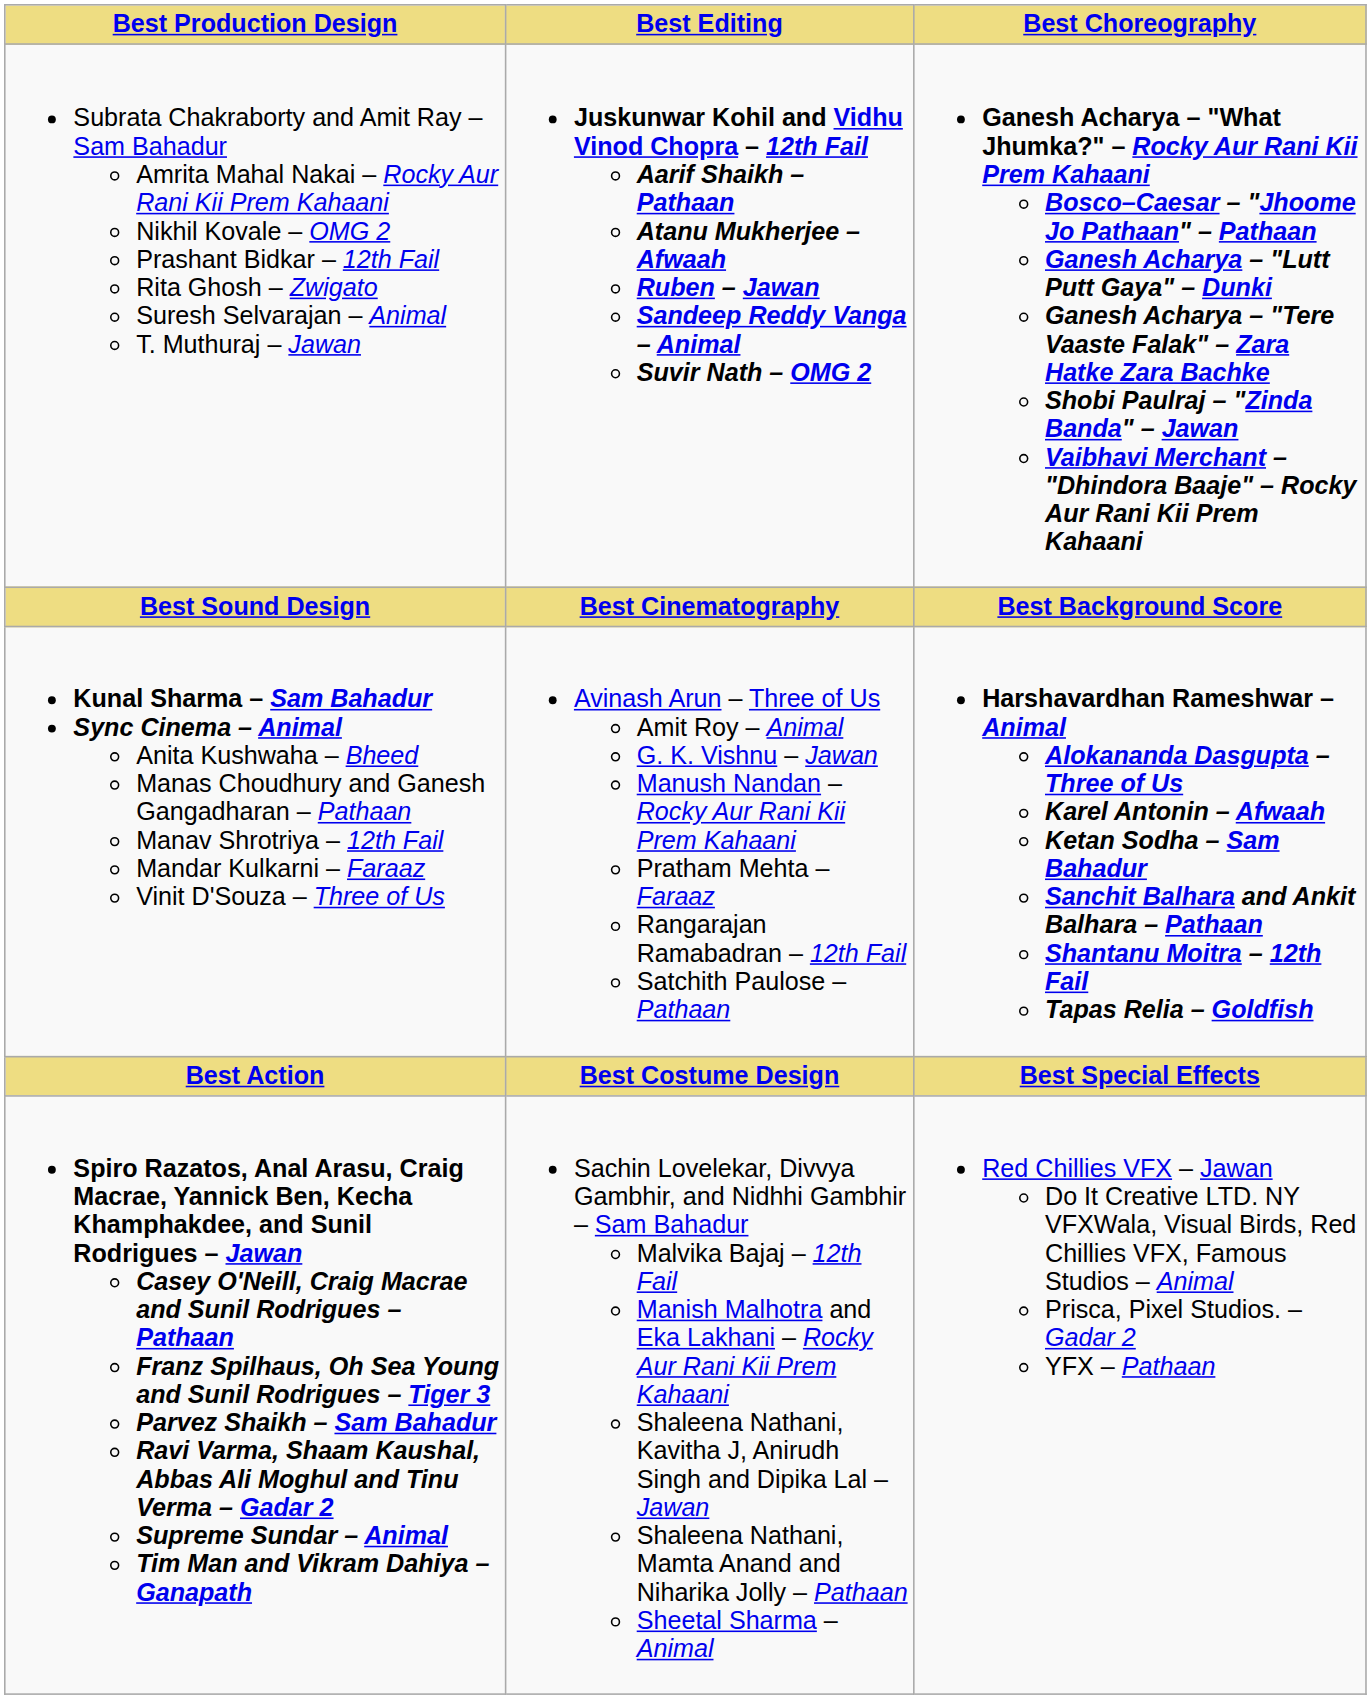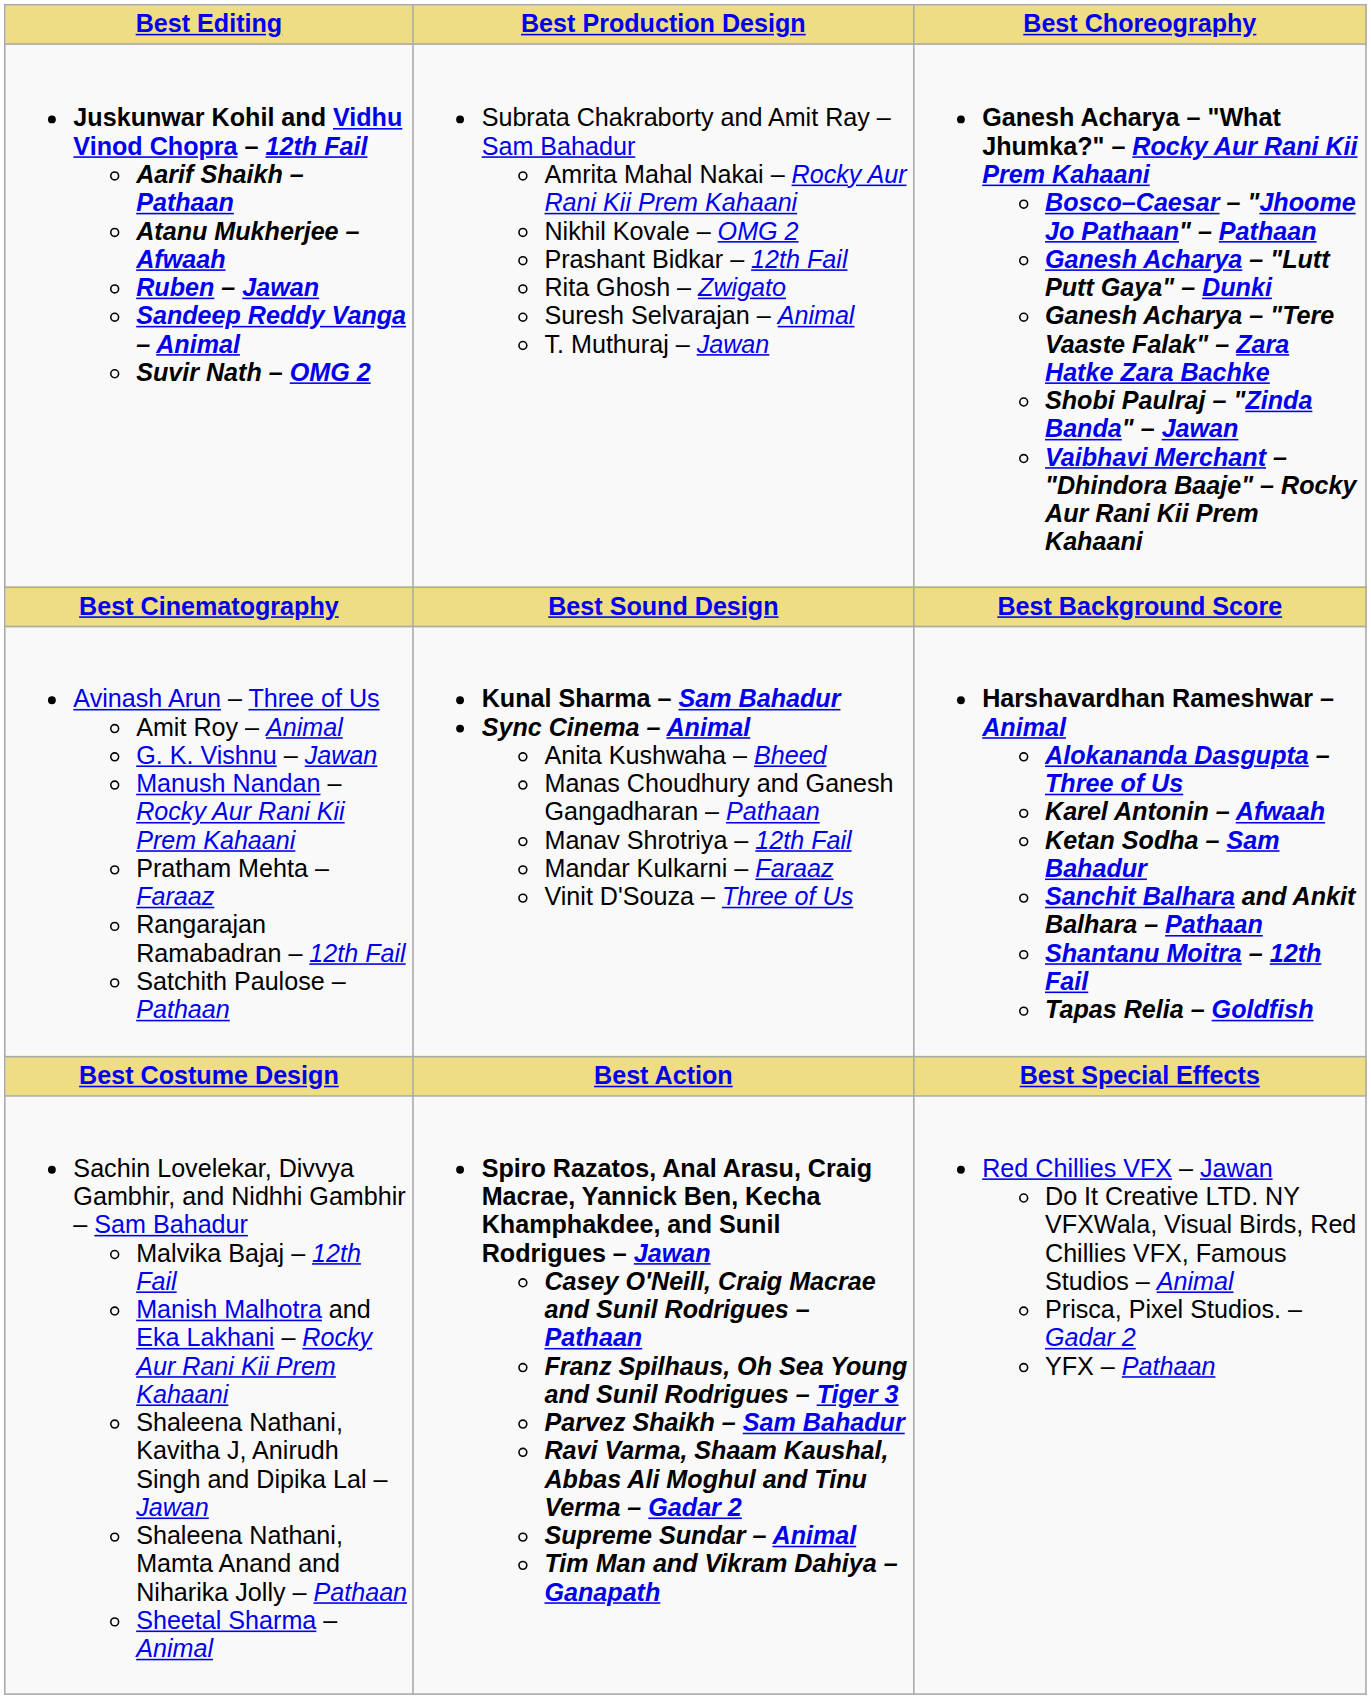 <table class="wikitable">
 <tr>
+<th style="background:#EEDD82;"><a href='#'>Best Editing</a></th>
 <th style="background:#EEDD82;"><a href='#'>Best Production Design</a></th>
-<th style="background:#EEDD82;"><a href='#'>Best Editing</a></th>
 <th style="background:#EEDD82;"><a href='#'>Best Choreography</a></th>
 </tr>
 <tr>
+<td style="vertical-align:top"><br><ul><li><strong>Juskunwar Kohil and <a href='#'>Vidhu Vinod Chopra</a> – <em><a href='#'>12th Fail</a><strong><em><ul><li>Aarif Shaikh – </em><a href='#'>Pathaan</a><em></li><li>Atanu Mukherjee – </em><a href='#'>Afwaah</a><em></li><li><a href='#'>Ruben</a> – </em><a href='#'>Jawan</a><em></li><li><a href='#'>Sandeep Reddy Vanga</a> – </em><a href='#'>Animal</a><em></li><li>Suvir Nath – </em><a href='#'>OMG 2</a><em></li></ul></li></ul></td>
 <td style="vertical-align:top"><br><ul><li></strong>Subrata Chakraborty and Amit Ray – </em><a href='#'>Sam Bahadur</a></em></strong><ul><li>Amrita Mahal Nakai – <em><a href='#'>Rocky Aur Rani Kii Prem Kahaani</a></em></li><li>Nikhil Kovale – <em><a href='#'>OMG 2</a></em></li><li>Prashant Bidkar – <em><a href='#'>12th Fail</a></em></li><li>Rita Ghosh – <em><a href='#'>Zwigato</a></em></li><li>Suresh Selvarajan – <em><a href='#'>Animal</a></em></li><li>T. Muthuraj – <em><a href='#'>Jawan</a></em></li></ul></li></ul></td>
-<td style="vertical-align:top"><br><ul><li><strong>Juskunwar Kohil and <a href='#'>Vidhu Vinod Chopra</a> – <em><a href='#'>12th Fail</a><strong><em><ul><li>Aarif Shaikh – </em><a href='#'>Pathaan</a><em></li><li>Atanu Mukherjee – </em><a href='#'>Afwaah</a><em></li><li><a href='#'>Ruben</a> – </em><a href='#'>Jawan</a><em></li><li><a href='#'>Sandeep Reddy Vanga</a> – </em><a href='#'>Animal</a><em></li><li>Suvir Nath – </em><a href='#'>OMG 2</a><em></li></ul></li></ul></td>
 <td style="vertical-align:top"><br><ul><li><strong>Ganesh Acharya – "What Jhumka?" – <em><a href='#'>Rocky Aur Rani Kii Prem Kahaani</a><strong><em><ul><li><a href='#'>Bosco–Caesar</a> – "<a href='#'>Jhoome Jo Pathaan</a>" – </em><a href='#'>Pathaan</a><em></li><li><a href='#'>Ganesh Acharya</a> – "Lutt Putt Gaya" – </em><a href='#'>Dunki</a><em></li><li>Ganesh Acharya – "Tere Vaaste Falak" – </em><a href='#'>Zara Hatke Zara Bachke</a><em></li><li>Shobi Paulraj – "<a href='#'>Zinda Banda</a>" – </em><a href='#'>Jawan</a><em></li><li><a href='#'>Vaibhavi Merchant</a> – "Dhindora Baaje" – </em>Rocky Aur Rani Kii Prem Kahaani<em></li></ul></li></ul></td>
 </tr>
 <tr>
+<th style="background:#EEDD82;"><a href='#'>Best Cinematography</a></th>
 <th style="background:#EEDD82;"><a href='#'>Best Sound Design</a></th>
-<th style="background:#EEDD82;"><a href='#'>Best Cinematography</a></th>
 <th style="background:#EEDD82;"><a href='#'>Best Background Score</a></th>
 </tr>
 <tr>
+<td style="vertical-align:top"><br><ul><li></strong><a href='#'>Avinash Arun</a> – </em><a href='#'>Three of Us</a></em></strong><ul><li>Amit Roy – <em><a href='#'>Animal</a></em></li><li><a href='#'>G. K. Vishnu</a> – <em><a href='#'>Jawan</a></em></li><li><a href='#'>Manush Nandan</a> – <em><a href='#'>Rocky Aur Rani Kii Prem Kahaani</a></em></li><li>Pratham Mehta – <em><a href='#'>Faraaz</a></em></li><li>Rangarajan Ramabadran – <em><a href='#'>12th Fail</a></em></li><li>Satchith Paulose – <em><a href='#'>Pathaan</a></em></li></ul></li></ul></td>
 <td style="vertical-align:top"><br><ul><li><strong>Kunal Sharma – <em><a href='#'>Sam Bahadur</a><strong><em></li><li></strong>Sync Cinema  – </em><a href='#'>Animal</a></em></strong><ul><li>Anita Kushwaha – <em><a href='#'>Bheed</a></em></li><li>Manas Choudhury and Ganesh Gangadharan – <em><a href='#'>Pathaan</a></em></li><li>Manav Shrotriya – <em><a href='#'>12th Fail</a></em></li><li>Mandar Kulkarni – <em><a href='#'>Faraaz</a></em></li><li>Vinit D'Souza – <em><a href='#'>Three of Us</a></em></li></ul></li></ul></td>
-<td style="vertical-align:top"><br><ul><li></strong><a href='#'>Avinash Arun</a> – </em><a href='#'>Three of Us</a></em></strong><ul><li>Amit Roy – <em><a href='#'>Animal</a></em></li><li><a href='#'>G. K. Vishnu</a> – <em><a href='#'>Jawan</a></em></li><li><a href='#'>Manush Nandan</a> – <em><a href='#'>Rocky Aur Rani Kii Prem Kahaani</a></em></li><li>Pratham Mehta – <em><a href='#'>Faraaz</a></em></li><li>Rangarajan Ramabadran – <em><a href='#'>12th Fail</a></em></li><li>Satchith Paulose – <em><a href='#'>Pathaan</a></em></li></ul></li></ul></td>
 <td style="vertical-align:top"><br><ul><li><strong>Harshavardhan Rameshwar – <em><a href='#'>Animal</a><strong><em><ul><li><a href='#'>Alokananda Dasgupta</a> – </em><a href='#'>Three of Us</a><em></li><li>Karel Antonin – </em><a href='#'>Afwaah</a><em></li><li>Ketan Sodha – </em><a href='#'>Sam Bahadur</a><em></li><li><a href='#'>Sanchit Balhara</a> and Ankit Balhara – </em><a href='#'>Pathaan</a><em></li><li><a href='#'>Shantanu Moitra</a> – </em><a href='#'>12th Fail</a><em></li><li>Tapas Relia – </em><a href='#'>Goldfish</a><em></li></ul></li></ul></td>
 </tr>
 <tr>
+<th style="background:#EEDD82;"><a href='#'>Best Costume Design</a></th>
 <th style="background:#EEDD82;"><a href='#'>Best Action</a></th>
-<th style="background:#EEDD82;"><a href='#'>Best Costume Design</a></th>
 <th style="background:#EEDD82;"><a href='#'>Best Special Effects</a></th>
 </tr>
 <tr>
+<td style="vertical-align:top"><br><ul><li></strong>Sachin Lovelekar, Divvya Gambhir, and Nidhhi Gambhir – </em><a href='#'>Sam Bahadur</a></em></strong><ul><li>Malvika Bajaj – <em><a href='#'>12th Fail</a></em></li><li><a href='#'>Manish Malhotra</a> and <a href='#'>Eka Lakhani</a> – <em><a href='#'>Rocky Aur Rani Kii Prem Kahaani</a></em></li><li>Shaleena Nathani, Kavitha J, Anirudh Singh and Dipika Lal – <em><a href='#'>Jawan</a></em></li><li>Shaleena Nathani, Mamta Anand and Niharika Jolly – <em><a href='#'>Pathaan</a></em></li><li><a href='#'>Sheetal Sharma</a> – <em><a href='#'>Animal</a></em></li></ul></li></ul></td>
 <td style="vertical-align:top"><br><ul><li><strong>Spiro Razatos, Anal Arasu, Craig Macrae, Yannick Ben, Kecha Khamphakdee, and Sunil Rodrigues  – <em><a href='#'>Jawan</a><strong><em><ul><li>Casey O'Neill, Craig Macrae and Sunil Rodrigues – </em><a href='#'>Pathaan</a><em></li><li>Franz Spilhaus, Oh Sea Young and Sunil Rodrigues – </em><a href='#'>Tiger 3</a><em></li><li>Parvez Shaikh – </em><a href='#'>Sam Bahadur</a><em></li><li>Ravi Varma, Shaam Kaushal, Abbas Ali Moghul and Tinu Verma  – </em><a href='#'>Gadar 2</a><em></li><li>Supreme Sundar – </em><a href='#'>Animal</a><em></li><li>Tim Man and Vikram Dahiya – </em><a href='#'>Ganapath</a><em></li></ul></li></ul></td>
-<td style="vertical-align:top"><br><ul><li></strong>Sachin Lovelekar, Divvya Gambhir, and Nidhhi Gambhir – </em><a href='#'>Sam Bahadur</a></em></strong><ul><li>Malvika Bajaj – <em><a href='#'>12th Fail</a></em></li><li><a href='#'>Manish Malhotra</a> and <a href='#'>Eka Lakhani</a> – <em><a href='#'>Rocky Aur Rani Kii Prem Kahaani</a></em></li><li>Shaleena Nathani, Kavitha J, Anirudh Singh and Dipika Lal – <em><a href='#'>Jawan</a></em></li><li>Shaleena Nathani, Mamta Anand and Niharika Jolly – <em><a href='#'>Pathaan</a></em></li><li><a href='#'>Sheetal Sharma</a> – <em><a href='#'>Animal</a></em></li></ul></li></ul></td>
 <td style="vertical-align:top"><br><ul><li></strong><a href='#'>Red Chillies VFX</a> – </em><a href='#'>Jawan</a></em></strong><ul><li>Do It Creative LTD. NY VFXWala, Visual Birds, Red Chillies VFX, Famous Studios – <em><a href='#'>Animal</a></em></li><li>Prisca, Pixel Studios. – <em><a href='#'>Gadar 2</a></em></li><li>YFX – <em><a href='#'>Pathaan</a></em></li></ul></li></ul></td>
 </tr>
 </table>
